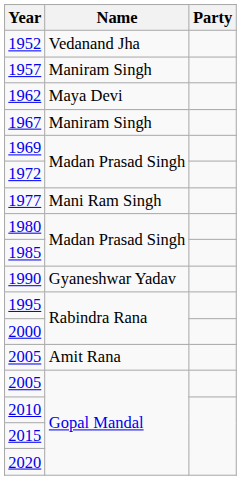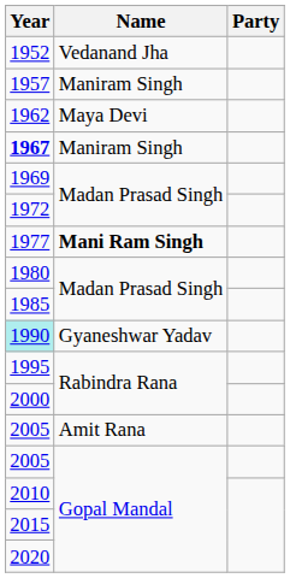 <table class="wikitable sortable">
 <tr>
 <th>Year</th>
 <th>Name</th>
 <th colspan="2">Party</th>
 </tr>
 <tr>
 <td><a href='#'>1952</a></td>
 <td>Vedanand Jha</td>
 <td></td>
 </tr>
 <tr>
 <td><a href='#'>1957</a></td>
 <td>Maniram Singh</td>
 <td></td>
 </tr>
 <tr>
 <td><a href='#'>1962</a></td>
 <td>Maya Devi</td>
 <td></td>
 </tr>
 <tr>
-<td><a href='#'>1967</a></td>
+<td><strong><a href='#'>1967</a></strong></td>
 <td>Maniram Singh</td>
 <td></td>
 </tr>
 <tr>
 <td><a href='#'>1969</a></td>
 <td rowspan="2">Madan Prasad Singh</td>
 <td></td>
 </tr>
 <tr>
 <td><a href='#'>1972</a></td>
 </tr>
 <tr>
 <td><a href='#'>1977</a></td>
-<td>Mani Ram Singh</td>
+<td><strong>Mani Ram Singh</strong></td>
 <td></td>
 </tr>
 <tr>
 <td><a href='#'>1980</a></td>
 <td rowspan="2">Madan Prasad Singh</td>
 <td></td>
 </tr>
 <tr>
 <td><a href='#'>1985</a></td>
 <td></td>
 </tr>
 <tr>
-<td><a href='#'>1990</a></td>
+<td style="background: paleturquoise;"><a href='#'>1990</a></td>
 <td>Gyaneshwar Yadav</td>
 <td></td>
 </tr>
 <tr>
 <td><a href='#'>1995</a></td>
 <td rowspan="2">Rabindra Rana</td>
 <td></td>
 </tr>
 <tr>
 <td><a href='#'>2000</a></td>
 <td></td>
 </tr>
 <tr>
 <td><a href='#'>2005</a></td>
 <td>Amit Rana</td>
 </tr>
 <tr>
 <td><a href='#'>2005</a></td>
 <td rowspan="4"><a href='#'>Gopal Mandal</a></td>
 <td></td>
 </tr>
 <tr>
 <td><a href='#'>2010</a></td>
 </tr>
 <tr>
 <td><a href='#'>2015</a></td>
 </tr>
 <tr>
 <td><a href='#'>2020</a></td>
 </tr>
 </table>
